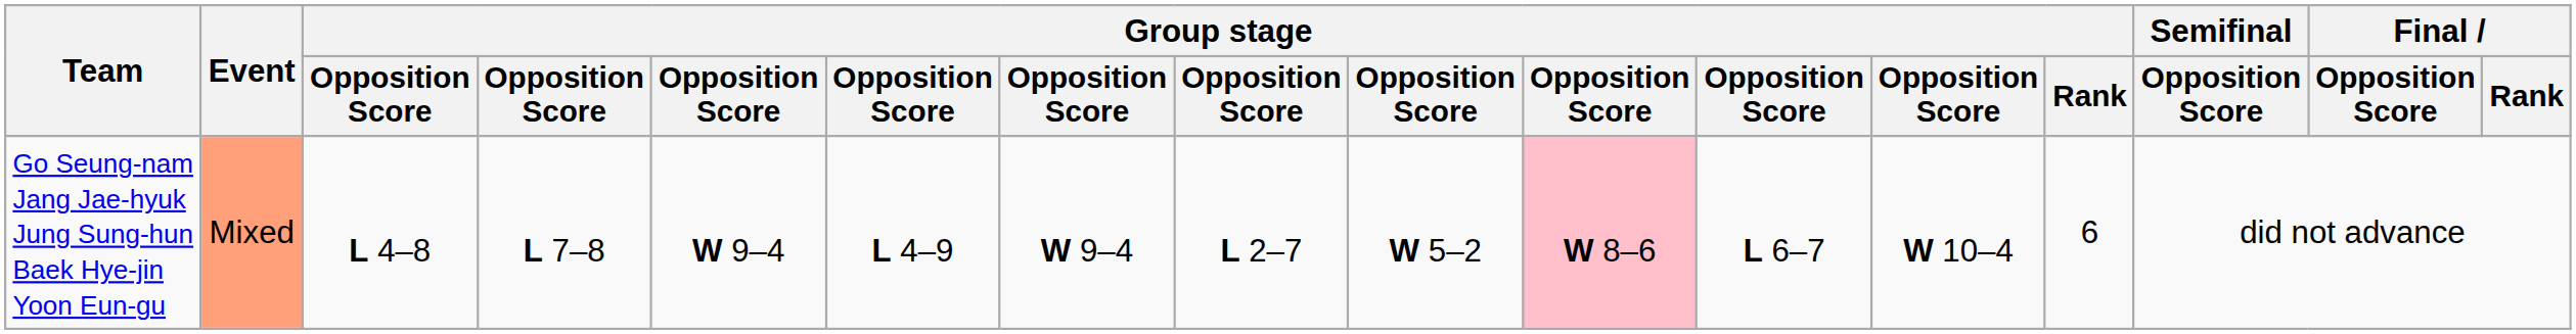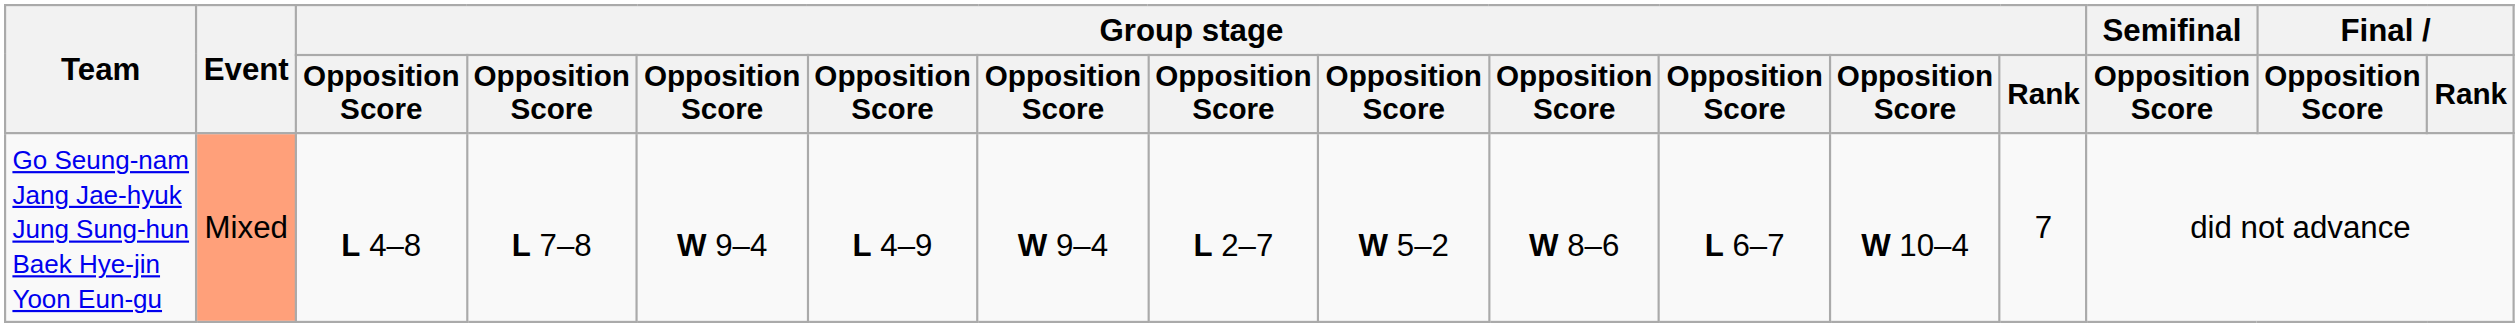 <table class=wikitable style="font-size:90%">
 <tr>
 <th rowspan=2>Team</th>
 <th rowspan=2>Event</th>
 <th colspan=11>Group stage</th>
 <th>Semifinal</th>
 <th colspan=2>Final / </th>
 </tr>
 <tr style="font-size:95%">
 <th>Opposition<br>Score</th>
 <th>Opposition<br>Score</th>
 <th>Opposition<br>Score</th>
 <th>Opposition<br>Score</th>
 <th>Opposition<br>Score</th>
 <th>Opposition<br>Score</th>
 <th>Opposition<br>Score</th>
 <th>Opposition<br>Score</th>
 <th>Opposition<br>Score</th>
 <th>Opposition<br>Score</th>
 <th>Rank</th>
 <th>Opposition<br>Score</th>
 <th>Opposition<br>Score</th>
 <th>Rank</th>
 </tr>
 <tr align="center">
 <td align="left"><small><a href='#'>Go Seung-nam</a><br><a href='#'>Jang Jae-hyuk</a><br><a href='#'>Jung Sung-hun</a><br><a href='#'>Baek Hye-jin</a><br><a href='#'>Yoon Eun-gu</a></small></td>
 <td style="background: lightsalmon;">Mixed</td>
 <td><br><strong>L</strong> 4–8</td>
 <td><br><strong>L</strong> 7–8</td>
 <td><br><strong>W</strong> 9–4</td>
 <td><br><strong>L</strong> 4–9</td>
 <td><br><strong>W</strong> 9–4</td>
 <td><br><strong>L</strong> 2–7</td>
 <td><br><strong>W</strong> 5–2</td>
-<td style="background: pink;"><br><strong>W</strong> 8–6</td>
+<td><br><strong>W</strong> 8–6</td>
 <td><br><strong>L</strong> 6–7</td>
 <td><br><strong>W</strong> 10–4</td>
-<td>6</td>
+<td>7</td>
 <td colspan=3>did not advance</td>
 </tr>
 </table>
